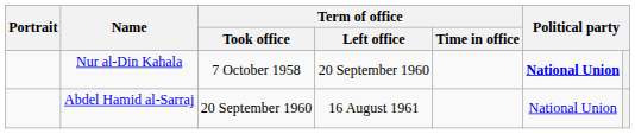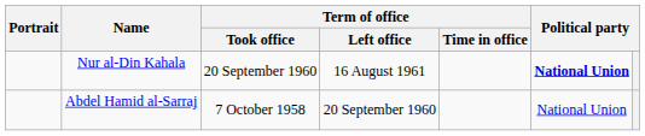 <table class="wikitable" style="text-align:center">
 <tr>
 <th rowspan="2">Portrait</th>
 <th rowspan="2">Name<br></th>
 <th colspan="3">Term of office</th>
 <th colspan="2" rowspan="2">Political party</th>
 </tr>
 <tr>
 <th>Took office</th>
 <th>Left office</th>
 <th>Time in office</th>
 </tr>
 <tr>
 <td></td>
 <td><a href='#'>Nur al-Din Kahala</a><br><br></td>
-<td>7 October 1958</td>
 <td>20 September 1960</td>
+<td>16 August 1961</td>
 <td></td>
 <td><strong><a href='#'>National Union</a></strong></td>
 <th style="background-color:"></th>
 </tr>
 <tr>
 <td></td>
 <td><a href='#'>Abdel Hamid al-Sarraj</a><br><br></td>
+<td>7 October 1958</td>
 <td>20 September 1960</td>
-<td>16 August 1961</td>
 <td></td>
 <td><a href='#'>National Union</a></td>
 <th style="background-color:"></th>
 </tr>
 </table>
